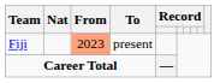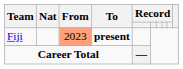 <table class="wikitable" style="text-align: center">
 <tr>
 <th rowspan="2">Team</th>
 <th rowspan="2">Nat</th>
 <th rowspan="2">From</th>
 <th rowspan="2">To</th>
 <th colspan="5">Record</th>
 <th rowspan=2></th>
 </tr>
 <tr>
 <th></th>
 <th></th>
 <th></th>
 <th></th>
 <th></th>
 </tr>
 <tr>
 <td align="left"><a href='#'>Fiji</a></td>
 <td align="center"></td>
 <td align="center" style="background: lightsalmon;">2023</td>
-<td align="center">present<br></td>
+<td align="center"><strong>present<br></strong></td>
 <td></td>
 </tr>
 <tr>
 <td colspan=4><strong>Career Total</strong><br></td>
 <th>—</th>
 </tr>
 </table>
